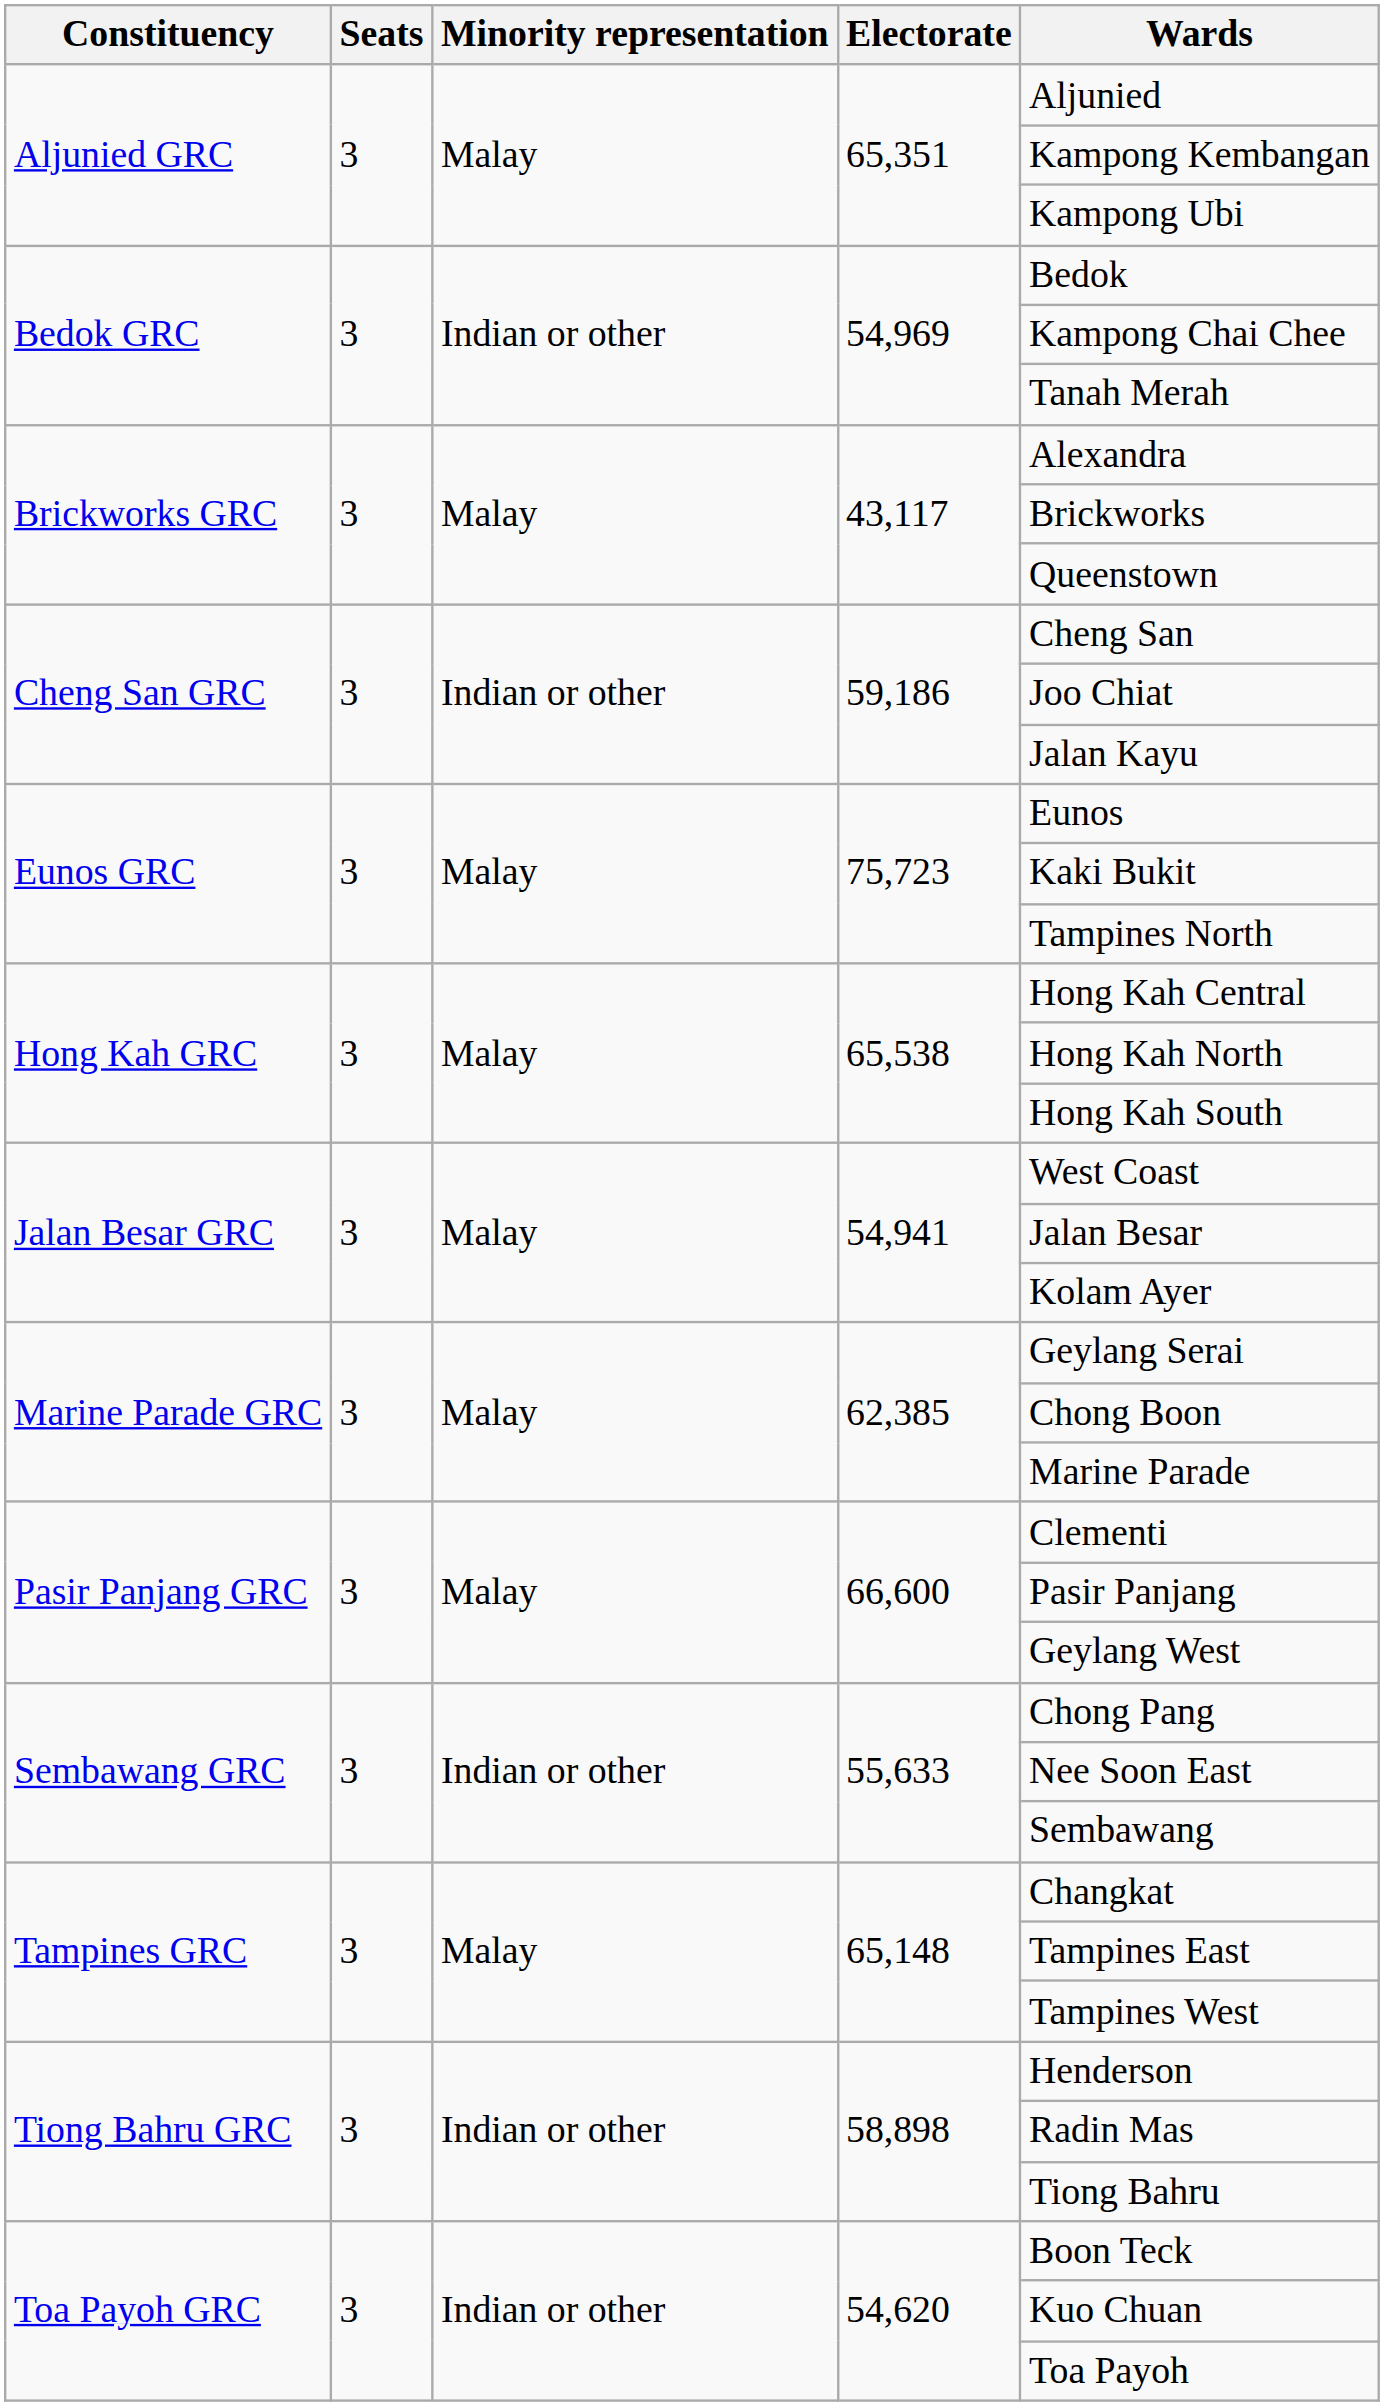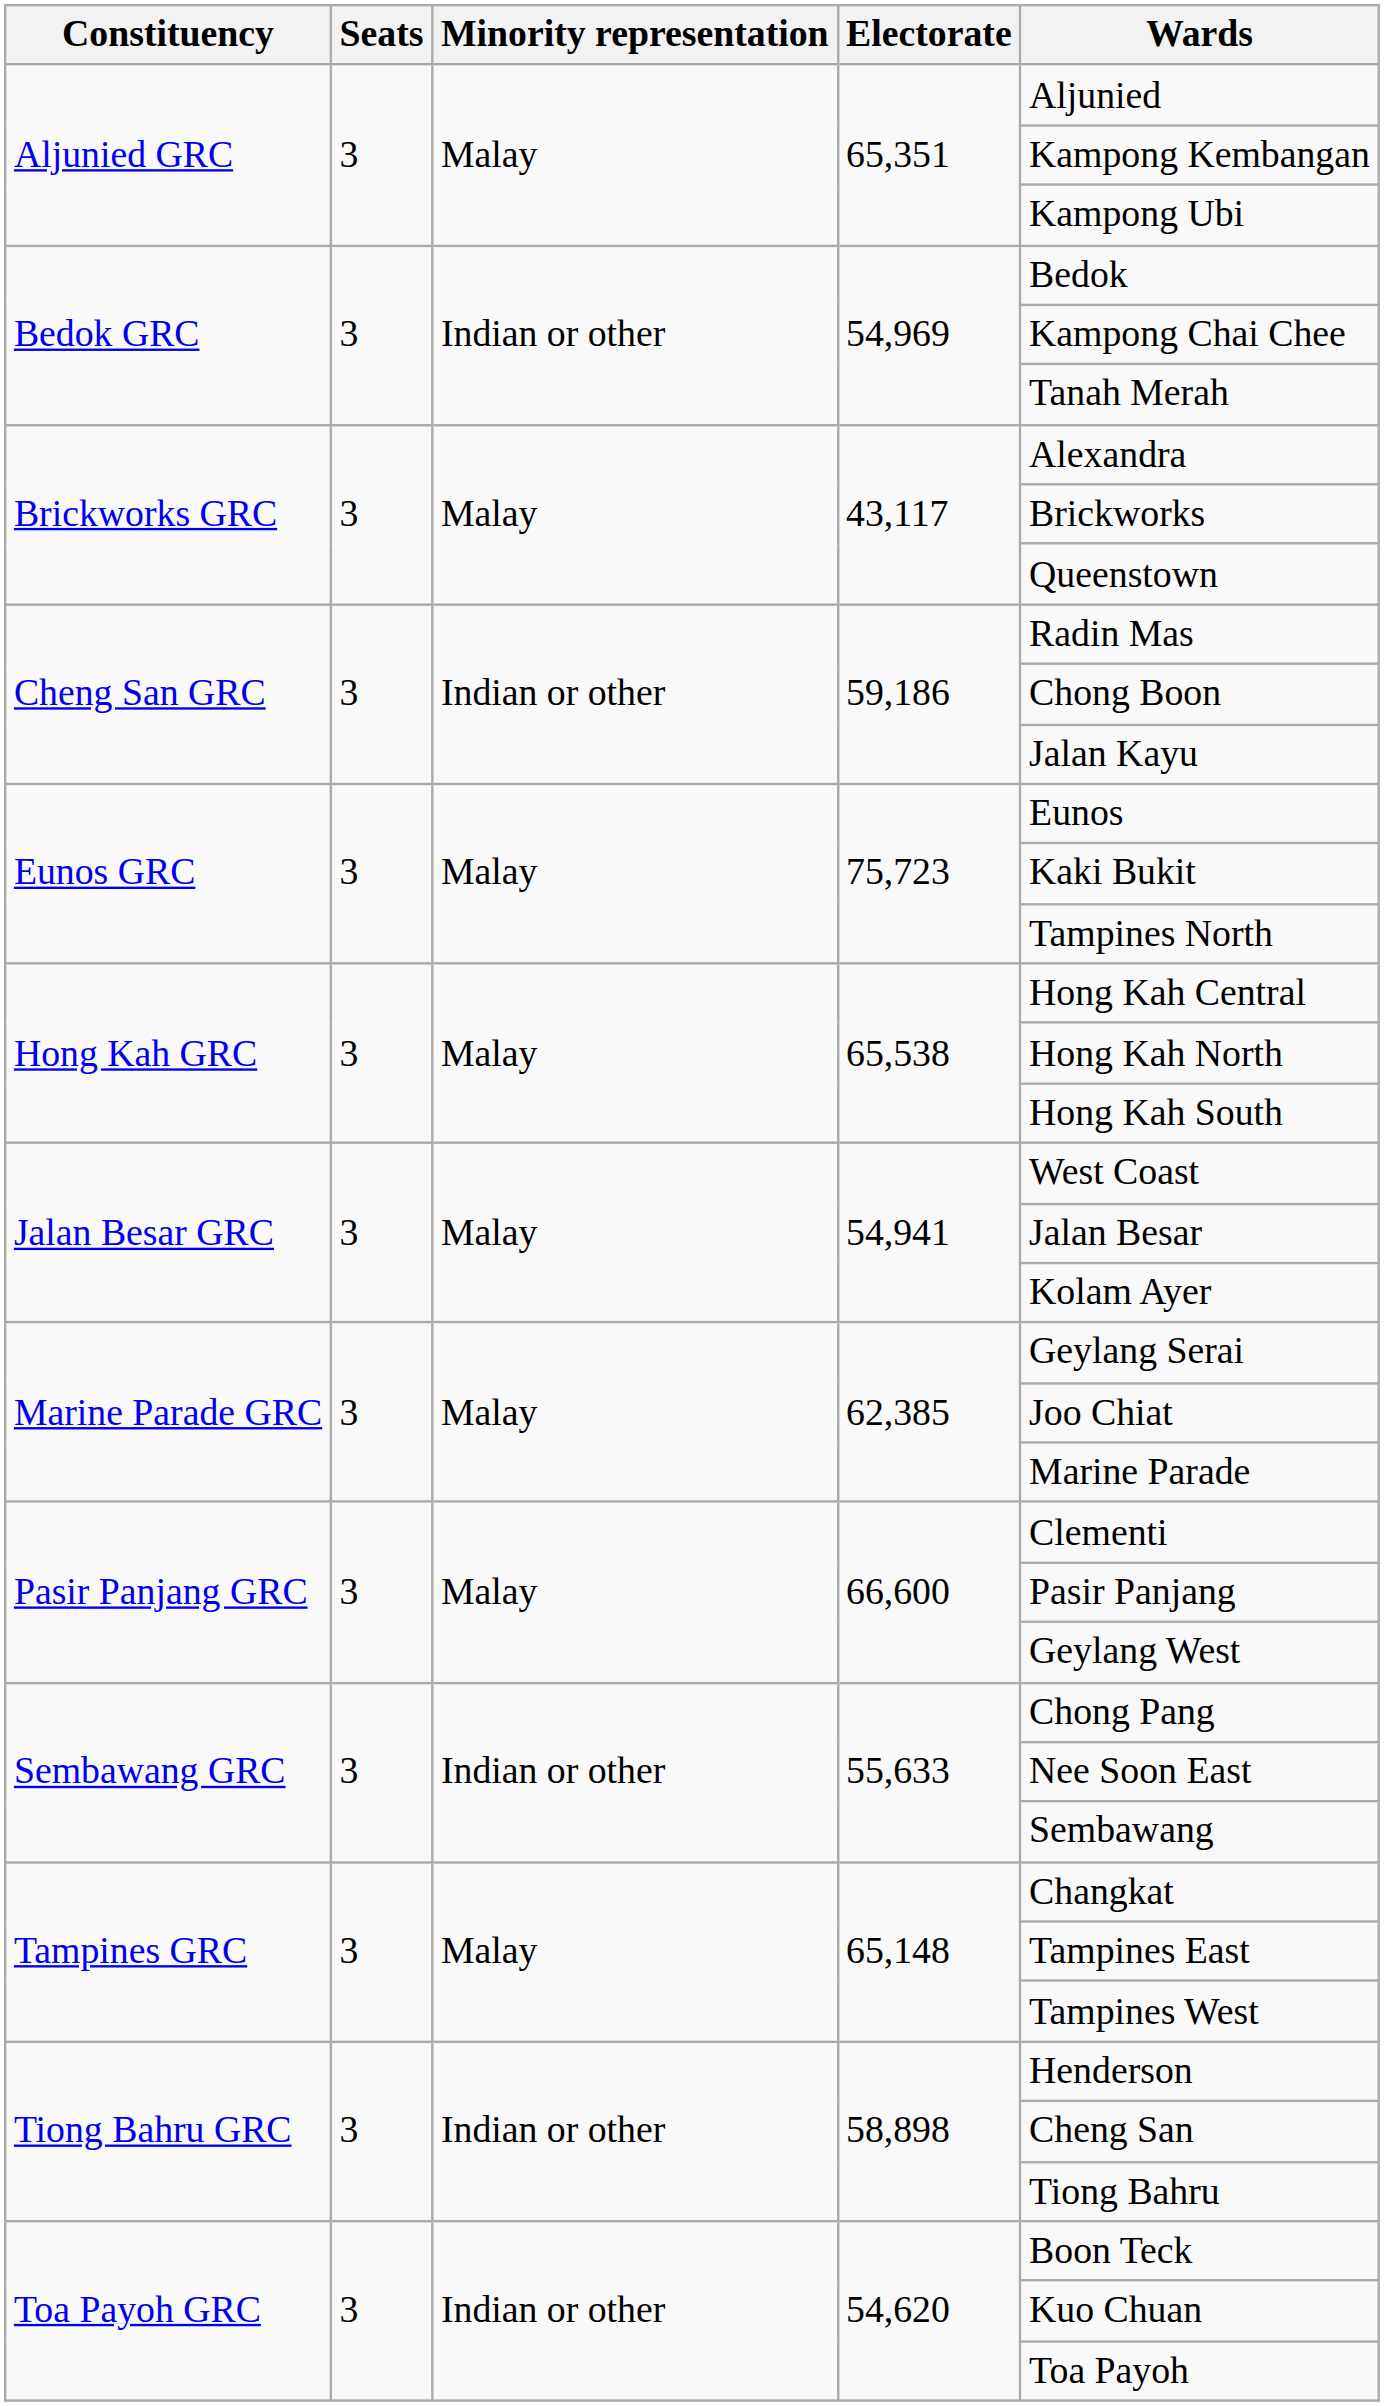 <table class="wikitable">
 <tr>
 <th>Constituency</th>
 <th>Seats</th>
 <th>Minority representation</th>
 <th>Electorate</th>
 <th>Wards</th>
 </tr>
 <tr>
 <td rowspan="3"><a href='#'>Aljunied GRC</a></td>
 <td rowspan="3">3</td>
 <td rowspan="3">Malay</td>
 <td rowspan="3">65,351</td>
 <td>Aljunied</td>
 </tr>
 <tr>
 <td>Kampong Kembangan</td>
 </tr>
 <tr>
 <td>Kampong Ubi</td>
 </tr>
 <tr>
 <td rowspan="3"><a href='#'>Bedok GRC</a></td>
 <td rowspan="3">3</td>
 <td rowspan="3">Indian or other</td>
 <td rowspan="3">54,969</td>
 <td>Bedok</td>
 </tr>
 <tr>
 <td>Kampong Chai Chee</td>
 </tr>
 <tr>
 <td>Tanah Merah</td>
 </tr>
 <tr>
 <td rowspan="3"><a href='#'>Brickworks GRC</a></td>
 <td rowspan="3">3</td>
 <td rowspan="3">Malay</td>
 <td rowspan="3">43,117</td>
 <td>Alexandra</td>
 </tr>
 <tr>
 <td>Brickworks</td>
 </tr>
 <tr>
 <td>Queenstown</td>
 </tr>
 <tr>
 <td rowspan="3"><a href='#'>Cheng San GRC</a></td>
 <td rowspan="3">3</td>
 <td rowspan="3">Indian or other</td>
 <td rowspan="3">59,186</td>
-<td>Cheng San</td>
+<td>Radin Mas</td>
 </tr>
 <tr>
-<td>Joo Chiat</td>
+<td>Chong Boon</td>
 </tr>
 <tr>
 <td>Jalan Kayu</td>
 </tr>
 <tr>
 <td rowspan="3"><a href='#'>Eunos GRC</a></td>
 <td rowspan="3">3</td>
 <td rowspan="3">Malay</td>
 <td rowspan="3">75,723</td>
 <td>Eunos</td>
 </tr>
 <tr>
 <td>Kaki Bukit</td>
 </tr>
 <tr>
 <td>Tampines North</td>
 </tr>
 <tr>
 <td rowspan="3"><a href='#'>Hong Kah GRC</a></td>
 <td rowspan="3">3</td>
 <td rowspan="3">Malay</td>
 <td rowspan="3">65,538</td>
 <td>Hong Kah Central</td>
 </tr>
 <tr>
 <td>Hong Kah North</td>
 </tr>
 <tr>
 <td>Hong Kah South</td>
 </tr>
 <tr>
 <td rowspan="3"><a href='#'>Jalan Besar GRC</a></td>
 <td rowspan="3">3</td>
 <td rowspan="3">Malay</td>
 <td rowspan="3">54,941</td>
 <td>West Coast</td>
 </tr>
 <tr>
 <td>Jalan Besar</td>
 </tr>
 <tr>
 <td>Kolam Ayer</td>
 </tr>
 <tr>
 <td rowspan="3"><a href='#'>Marine Parade GRC</a></td>
 <td rowspan="3">3</td>
 <td rowspan="3">Malay</td>
 <td rowspan="3">62,385</td>
 <td>Geylang Serai</td>
 </tr>
 <tr>
-<td>Chong Boon</td>
+<td>Joo Chiat</td>
 </tr>
 <tr>
 <td>Marine Parade</td>
 </tr>
 <tr>
 <td rowspan="3"><a href='#'>Pasir Panjang GRC</a></td>
 <td rowspan="3">3</td>
 <td rowspan="3">Malay</td>
 <td rowspan="3">66,600</td>
 <td>Clementi</td>
 </tr>
 <tr>
 <td>Pasir Panjang</td>
 </tr>
 <tr>
 <td>Geylang West</td>
 </tr>
 <tr>
 <td rowspan="3"><a href='#'>Sembawang GRC</a></td>
 <td rowspan="3">3</td>
 <td rowspan="3">Indian or other</td>
 <td rowspan="3">55,633</td>
 <td>Chong Pang</td>
 </tr>
 <tr>
 <td>Nee Soon East</td>
 </tr>
 <tr>
 <td>Sembawang</td>
 </tr>
 <tr>
 <td rowspan="3"><a href='#'>Tampines GRC</a></td>
 <td rowspan="3">3</td>
 <td rowspan="3">Malay</td>
 <td rowspan="3">65,148</td>
 <td>Changkat</td>
 </tr>
 <tr>
 <td>Tampines East</td>
 </tr>
 <tr>
 <td>Tampines West</td>
 </tr>
 <tr>
 <td rowspan="3"><a href='#'>Tiong Bahru GRC</a></td>
 <td rowspan="3">3</td>
 <td rowspan="3">Indian or other</td>
 <td rowspan="3">58,898</td>
 <td>Henderson</td>
 </tr>
 <tr>
-<td>Radin Mas</td>
+<td>Cheng San</td>
 </tr>
 <tr>
 <td>Tiong Bahru</td>
 </tr>
 <tr>
 <td rowspan="3"><a href='#'>Toa Payoh GRC</a></td>
 <td rowspan="3">3</td>
 <td rowspan="3">Indian or other</td>
 <td rowspan="3">54,620</td>
 <td>Boon Teck</td>
 </tr>
 <tr>
 <td>Kuo Chuan</td>
 </tr>
 <tr>
 <td>Toa Payoh</td>
 </tr>
 </table>
